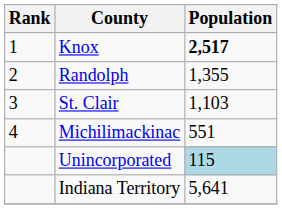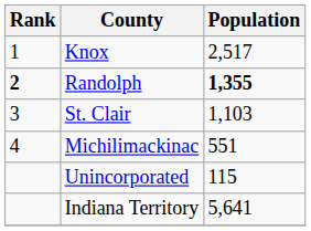 <table class=wikitable>
 <tr>
 <th>Rank</th>
 <th>County</th>
 <th>Population</th>
 </tr>
 <tr>
 <td>1</td>
 <td><a href='#'>Knox</a></td>
-<td><strong>2,517</strong></td>
+<td>2,517</td>
 </tr>
 <tr>
-<td>2</td>
+<td><strong>2</strong></td>
 <td><a href='#'>Randolph</a></td>
-<td>1,355</td>
+<td><strong>1,355</strong></td>
 </tr>
 <tr>
 <td>3</td>
 <td><a href='#'>St. Clair</a></td>
 <td>1,103</td>
 </tr>
 <tr>
 <td>4</td>
 <td><a href='#'>Michilimackinac</a></td>
 <td>551</td>
 </tr>
 <tr>
 <td></td>
 <td><a href='#'>Unincorporated</a></td>
-<td style="background: lightblue;">115</td>
+<td>115</td>
 </tr>
 <tr>
 <td></td>
 <td>Indiana Territory</td>
 <td>5,641</td>
 </tr>
 <tr>
 </tr>
 </table>
